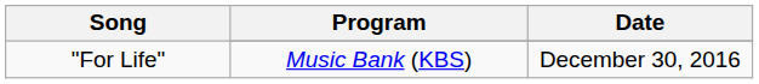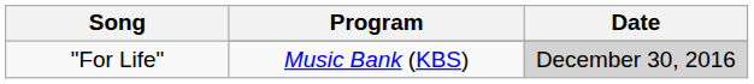 <table class="wikitable" style="text-align:center;">
 <tr>
 <th style="width:150px;">Song</th>
 <th style="width:200px;">Program</th>
 <th style="width:150px;">Date</th>
 </tr>
 <tr>
 <td rowspan="2">"For Life"</td>
 </tr>
 <tr>
 <td><em><a href='#'>Music Bank</a></em> (<a href='#'>KBS</a>)</td>
-<td>December 30, 2016</td>
+<td style="background: lightgrey;">December 30, 2016</td>
 </tr>
 </table>
